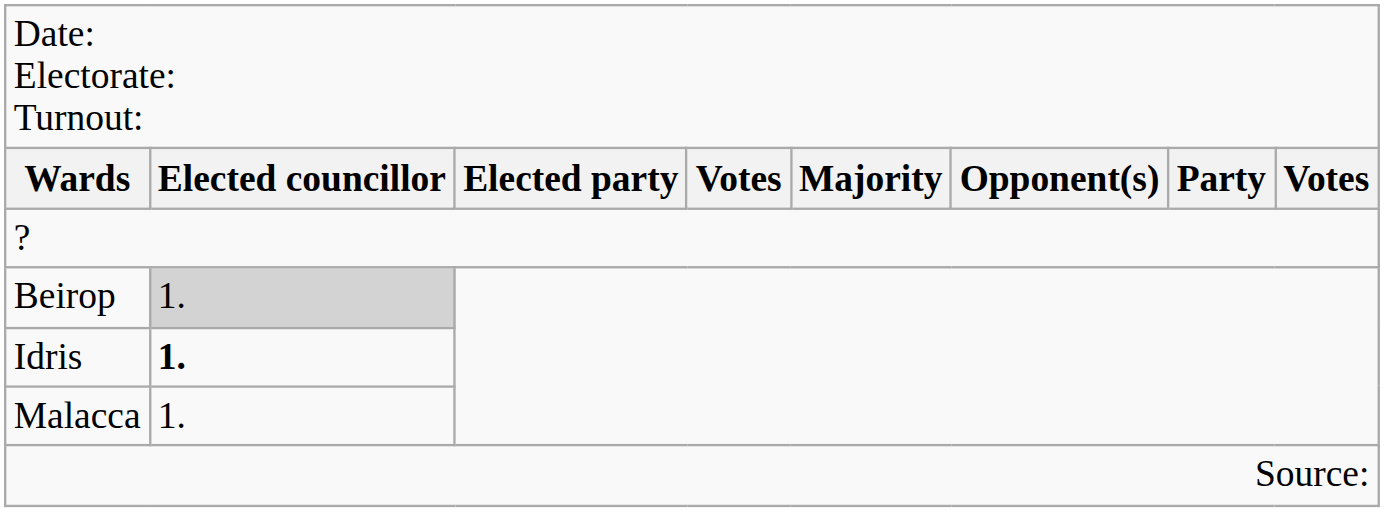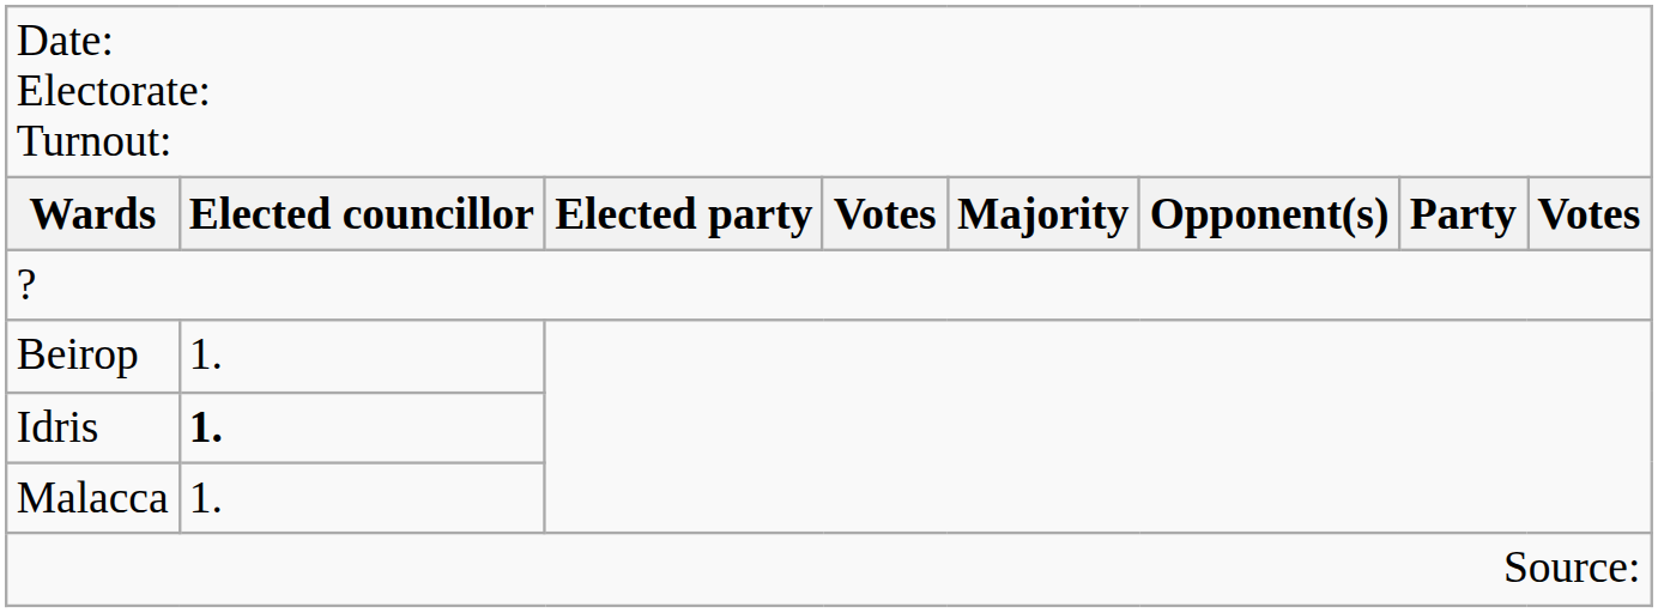 <table class=wikitable>
 <tr>
 <td colspan=8>Date: <br>Electorate: <br>Turnout:</td>
 </tr>
 <tr>
 <th>Wards</th>
 <th>Elected councillor</th>
 <th>Elected party</th>
 <th>Votes</th>
 <th>Majority</th>
 <th>Opponent(s)</th>
 <th>Party</th>
 <th>Votes</th>
 </tr>
 <tr>
 <td colspan=8>? </td>
 </tr>
 <tr>
 <td>Beirop</td>
-<td style="background: lightgrey;">1.</td>
+<td>1.</td>
 </tr>
 <tr>
 <td>Idris</td>
 <td><strong>1.</strong></td>
 </tr>
 <tr>
 <td>Malacca</td>
 <td>1.</td>
 </tr>
 <tr>
 <td colspan=8 align=right>Source:</td>
 </tr>
 </table>
